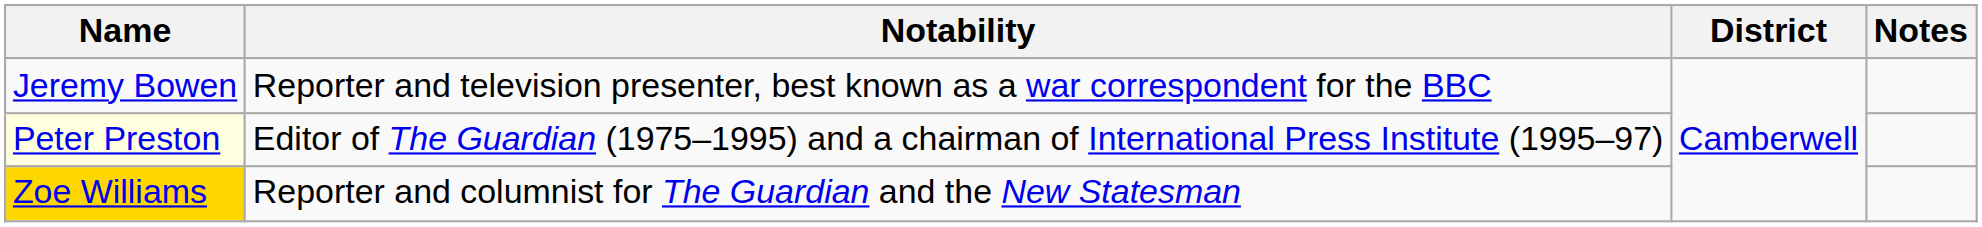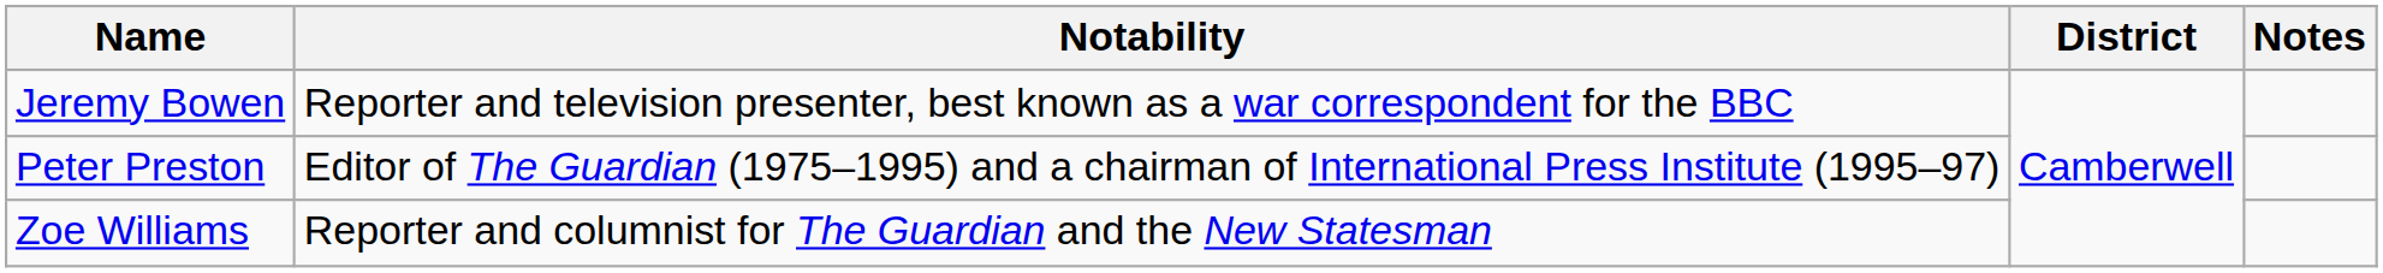 <table class="wikitable sortable">
 <tr>
 <th width=>Name</th>
 <th width=>Notability</th>
 <th width=>District </th>
 <th width=>Notes </th>
 </tr>
 <tr>
 <td><a href='#'>Jeremy Bowen</a></td>
 <td>Reporter and television presenter, best known as a <a href='#'>war correspondent</a> for the <a href='#'>BBC</a></td>
 <td rowspan=3><a href='#'>Camberwell</a></td>
 <td style="text-align:center;"></td>
 </tr>
 <tr>
-<td style="background: lightyellow;"><a href='#'>Peter Preston</a></td>
+<td><a href='#'>Peter Preston</a></td>
 <td>Editor of <em><a href='#'>The Guardian</a></em> (1975–1995) and a chairman of <a href='#'>International Press Institute</a> (1995–97)</td>
 <td style="text-align:center;"></td>
 </tr>
 <tr>
-<td style="background: gold;"><a href='#'>Zoe Williams</a></td>
+<td><a href='#'>Zoe Williams</a></td>
 <td>Reporter and columnist for <em><a href='#'>The Guardian</a></em> and the <em><a href='#'>New Statesman</a></em></td>
 <td style="text-align:center;"></td>
 </tr>
 </table>
